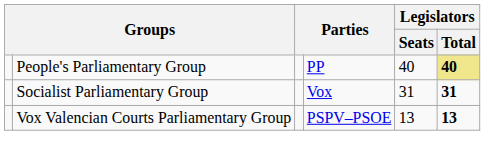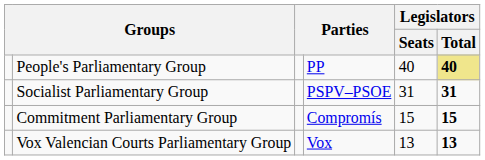 <table class="wikitable" style="text-align:left;">
 <tr>
 <th rowspan="2" colspan="2">Groups</th>
 <th rowspan="2" colspan="2">Parties</th>
 <th colspan="2">Legislators</th>
 </tr>
 <tr>
 <th>Seats</th>
 <th>Total</th>
 </tr>
 <tr>
 <td width="1" style="color:inherit;background:"></td>
 <td>People's Parliamentary Group</td>
 <td width="1" style="color:inherit;background:"></td>
 <td><a href='#'>PP</a></td>
 <td>40</td>
 <td style="background: khaki;"><strong>40</strong></td>
 </tr>
 <tr>
 <td style="color:inherit;background:"></td>
 <td>Socialist Parliamentary Group</td>
 <td style="color:inherit;background:"></td>
-<td><a href='#'>Vox</a></td>
+<td><a href='#'>PSPV–PSOE</a></td>
 <td>31</td>
 <td><strong>31</strong></td>
 </tr>
 <tr>
 <td style="color:inherit;background:"></td>
+<td>Commitment Parliamentary Group</td>
+<td style="color:inherit;background:"></td>
+<td><a href='#'>Compromís</a></td>
+<td>15</td>
+<td><strong>15</strong></td>
+</tr>
+<tr>
+<td style="color:inherit;background:"></td>
 <td>Vox Valencian Courts Parliamentary Group</td>
 <td style="color:inherit;background:"></td>
-<td><a href='#'>PSPV–PSOE</a></td>
+<td><a href='#'>Vox</a></td>
 <td>13</td>
 <td><strong>13</strong></td>
 </tr>
 </table>
